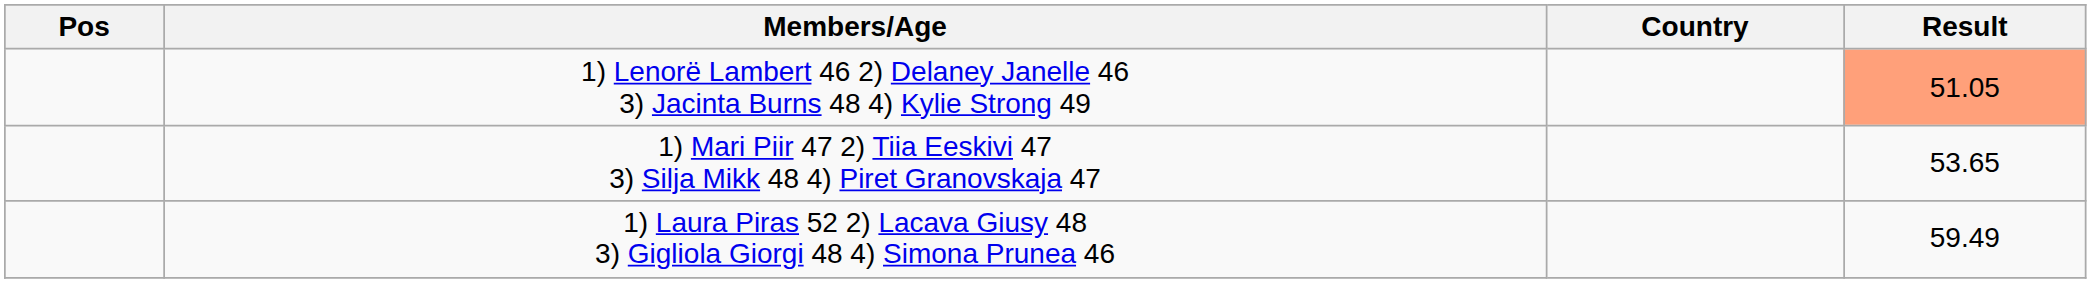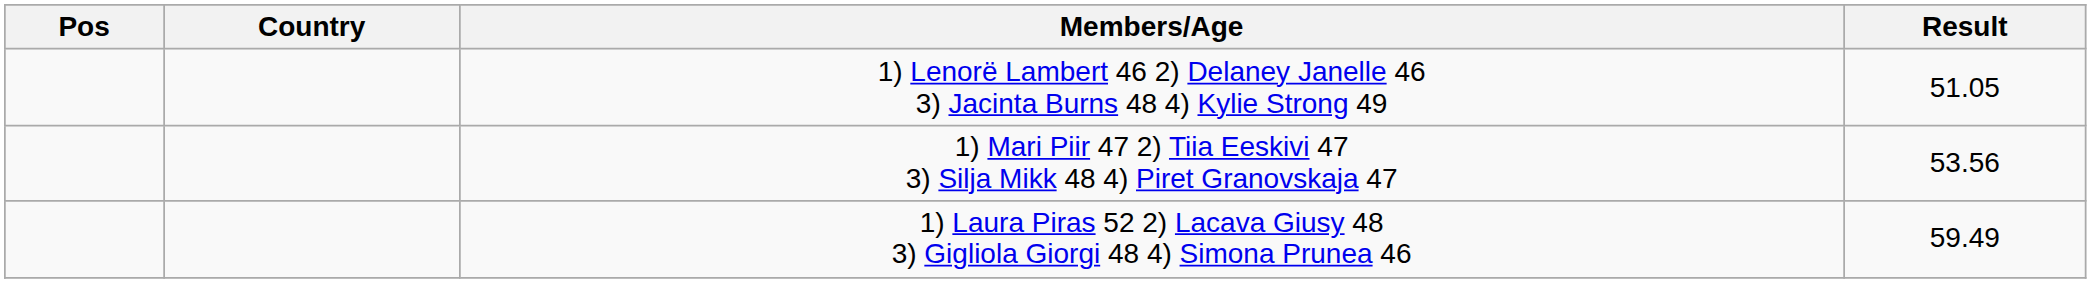 <table class="wikitable"  style="text-align:center; width:60%;">
 <tr>
 <th>Pos</th>
+<th>Country</th>
 <th>Members/Age</th>
-<th>Country</th>
 <th>Result</th>
 </tr>
 <tr>
 <td align=center></td>
+<td align=left></td>
 <td>1) <a href='#'>Lenorë Lambert</a> 46 2) <a href='#'>Delaney Janelle</a> 46<br>3) <a href='#'>Jacinta Burns</a> 48 4) <a href='#'>Kylie Strong</a> 49</td>
-<td align=left></td>
-<td style="background: lightsalmon;">51.05</td>
+<td>51.05</td>
 </tr>
 <tr>
 <td align=center></td>
+<td align=left></td>
 <td>1) <a href='#'>Mari Piir</a> 47 2) <a href='#'>Tiia Eeskivi</a> 47<br>3) <a href='#'>Silja Mikk</a> 48 4) <a href='#'>Piret Granovskaja</a> 47</td>
-<td align=left></td>
-<td>53.65</td>
+<td>53.56</td>
 </tr>
 <tr>
 <td align=center></td>
+<td align=left></td>
 <td>1) <a href='#'>Laura Piras</a> 52 2) <a href='#'>Lacava Giusy</a> 48<br>3) <a href='#'>Gigliola Giorgi</a> 48 4) <a href='#'>Simona Prunea</a>  46</td>
-<td align=left></td>
 <td>59.49</td>
 </tr>
 </table>
